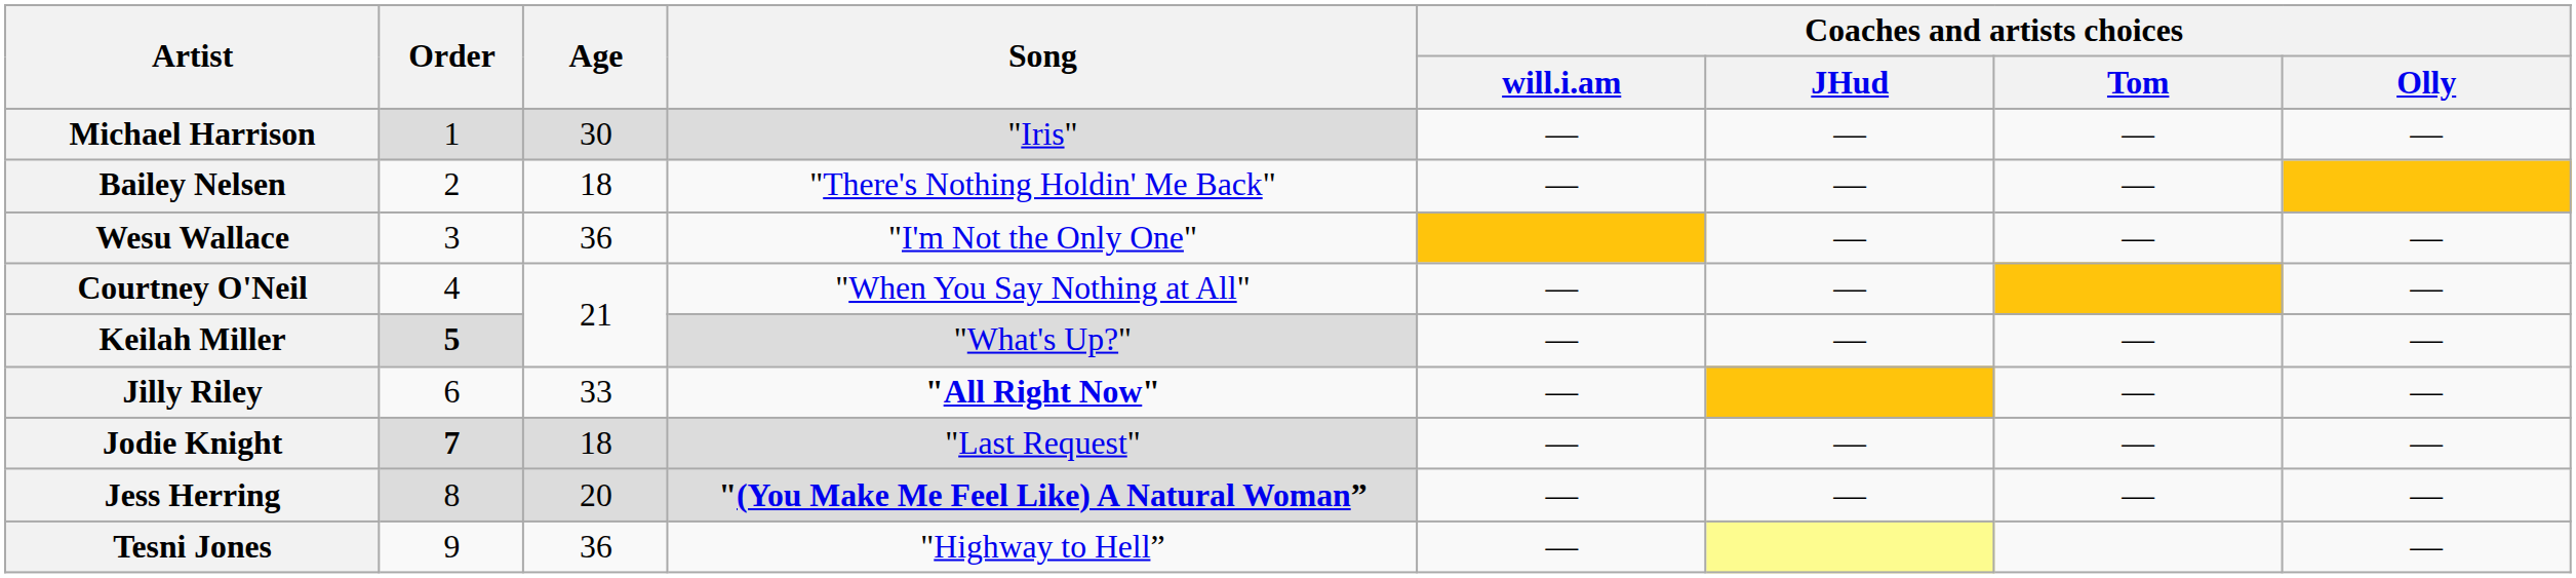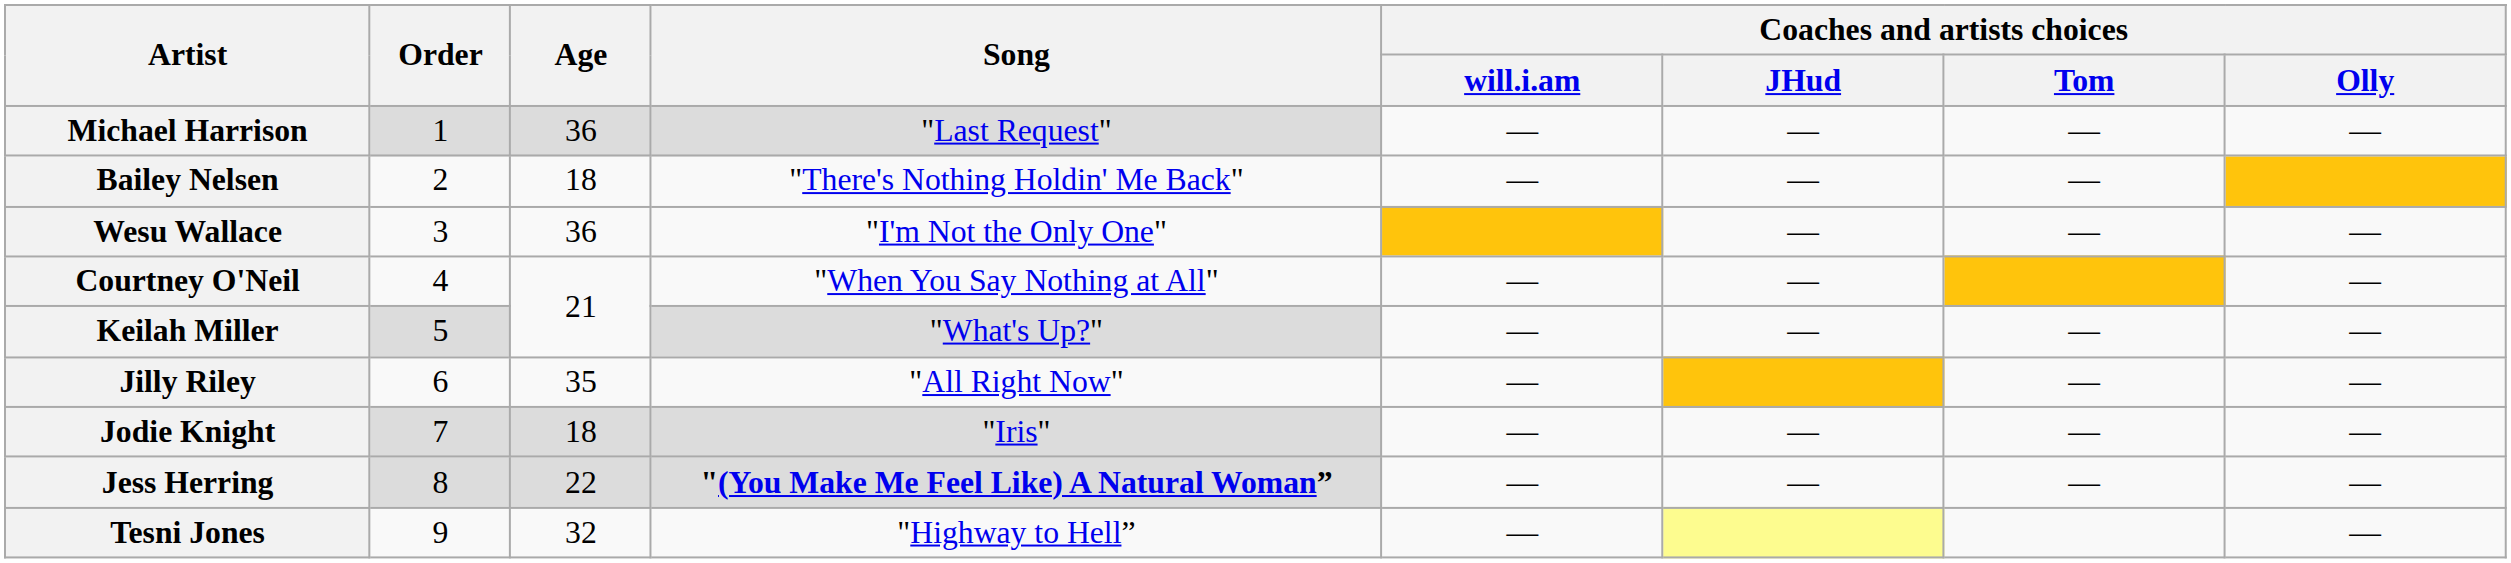 <table class="wikitable" style="text-align:center; width:100%;">
 <tr>
 </tr>
 <tr>
 <th scope="col" rowspan="2" style="width:13%;">Artist</th>
 <th scope="col" rowspan="2" style="width:05%;">Order</th>
 <th scope="col" rowspan="2" style="width:05%;">Age</th>
 <th scope="col" rowspan="2" style="width:26%;">Song</th>
 <th colspan="4" style="width:40%;">Coaches and artists choices</th>
 </tr>
 <tr>
 <th style="width:10%;"><a href='#'>will.i.am</a></th>
 <th style="width:10%;"><a href='#'>JHud</a></th>
 <th style="width:10%;"><a href='#'>Tom</a></th>
 <th style="width:10%;"><a href='#'>Olly</a></th>
 </tr>
 <tr>
 <th scope="row"><div> Michael Harrison </div></th>
 <td style="background:#DCDCDC; text-align:center;">1</td>
-<td style="background:#DCDCDC; text-align:center;">30</td>
-<td style="background:#DCDCDC; text-align:center;">"<a href='#'>Iris</a>"</td>
+<td style="background:#DCDCDC; text-align:center;">36</td>
+<td style="background:#DCDCDC; text-align:center;">"<a href='#'>Last Request</a>"</td>
 <td>—</td>
 <td>—</td>
 <td>—</td>
 <td>—</td>
 </tr>
 <tr>
 <th scope="row"><div> Bailey Nelsen </div></th>
 <td>2</td>
 <td>18</td>
 <td>"<a href='#'>There's Nothing Holdin' Me Back</a>"</td>
 <td>—</td>
 <td>—</td>
 <td>—</td>
 <td style="background:#FFC40C;text-align:center;"><strong></strong></td>
 </tr>
 <tr>
 <th scope="row"><div> Wesu Wallace </div></th>
 <td>3</td>
 <td>36</td>
 <td>"<a href='#'>I'm Not the Only One</a>"</td>
 <td style="background:#FFC40C;text-align:center;"><strong></strong></td>
 <td>—</td>
 <td>—</td>
 <td>—</td>
 </tr>
 <tr>
 <th scope="row"><div> Courtney O'Neil </div></th>
 <td>4</td>
 <td rowspan=2>21</td>
 <td>"<a href='#'>When You Say Nothing at All</a>"</td>
 <td>—</td>
 <td>—</td>
 <td style="background:#FFC40C;text-align:center;"><strong></strong></td>
 <td>—</td>
 </tr>
 <tr>
 <th scope="row"><div> Keilah Miller </div></th>
-<td style="background:#DCDCDC; text-align:center;"><strong>5</strong></td>
+<td style="background:#DCDCDC; text-align:center;">5</td>
 <td style="background:#DCDCDC; text-align:center;">"<a href='#'>What's Up?</a>"</td>
 <td>—</td>
 <td>—</td>
 <td>—</td>
 <td>—</td>
 </tr>
 <tr>
 <th scope="row"><div> Jilly Riley </div></th>
 <td>6</td>
-<td>33</td>
-<td><strong>"<a href='#'>All Right Now</a>"</strong></td>
+<td>35</td>
+<td>"<a href='#'>All Right Now</a>"</td>
 <td>—</td>
 <td style="background:#FFC40C;text-align:center;"><strong></strong></td>
 <td>—</td>
 <td>—</td>
 </tr>
 <tr>
 <th scope="row"><div> Jodie Knight </div></th>
-<td style="background:#DCDCDC; text-align:center;"><strong>7</strong></td>
+<td style="background:#DCDCDC; text-align:center;">7</td>
 <td style="background:#DCDCDC; text-align:center;">18</td>
-<td style="background:#DCDCDC; text-align:center;">"<a href='#'>Last Request</a>"</td>
+<td style="background:#DCDCDC; text-align:center;">"<a href='#'>Iris</a>"</td>
 <td>—</td>
 <td>—</td>
 <td>—</td>
 <td>—</td>
 </tr>
 <tr>
 <th scope="row"><div> Jess Herring </div></th>
 <td style="background:#DCDCDC; text-align:center;">8</td>
-<td style="background:#DCDCDC; text-align:center;">20</td>
+<td style="background:#DCDCDC; text-align:center;">22</td>
 <td style="background:#DCDCDC; text-align:center;"><strong>"<a href='#'>(You Make Me Feel Like) A Natural Woman</a>”</strong></td>
 <td>—</td>
 <td>—</td>
 <td>—</td>
 <td>—</td>
 </tr>
 <tr>
 <th scope="row"><div>  Tesni Jones </div></th>
 <td>9</td>
-<td>36</td>
+<td>32</td>
 <td>"<a href='#'>Highway to Hell</a>”</td>
 <td>—</td>
 <td style="background:#fdfc8f;"><strong></strong></td>
 <td><strong></strong></td>
 <td>—</td>
 </tr>
 </table>
